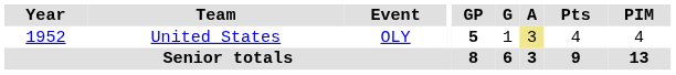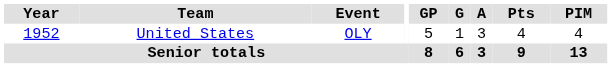 <table border="0" cellpadding="1" cellspacing="0" ID="Table3" style="text-align:center; width:40em">
 <tr bgcolor="#e0e0e0">
 <th>Year</th>
 <th>Team</th>
 <th>Event</th>
 <th rowspan="102" bgcolor="#ffffff"></th>
 <th>GP</th>
 <th>G</th>
 <th>A</th>
 <th>Pts</th>
 <th>PIM</th>
 </tr>
 <tr>
 <td><a href='#'>1952</a></td>
 <td><a href='#'>United States</a></td>
 <td><a href='#'>OLY</a></td>
-<td><strong>5</strong></td>
+<td>5</td>
 <td>1</td>
-<td style="background: khaki;">3</td>
+<td>3</td>
 <td>4</td>
 <td>4</td>
 </tr>
 <tr bgcolor="#e0e0e0">
 <th colspan="4">Senior totals</th>
 <th>8</th>
 <th>6</th>
 <th>3</th>
 <th>9</th>
 <th>13</th>
 </tr>
 </table>
